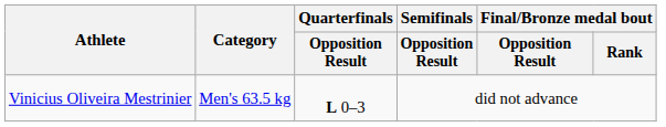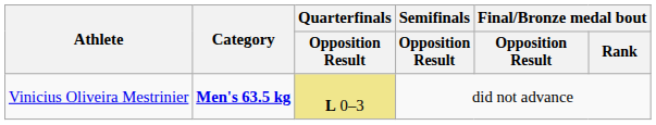 <table class="wikitable" style="text-align:center; font-size:90%">
 <tr>
 <th rowspan=2>Athlete</th>
 <th rowspan=2>Category</th>
 <th>Quarterfinals</th>
 <th>Semifinals</th>
 <th colspan=2>Final/Bronze medal bout</th>
 </tr>
 <tr style="font-size:95%">
 <th>Opposition<br>Result</th>
 <th>Opposition<br>Result</th>
 <th>Opposition<br>Result</th>
 <th>Rank</th>
 </tr>
 <tr>
 <td align=left><a href='#'>Vinicius Oliveira Mestrinier</a></td>
-<td align=left><a href='#'>Men's 63.5 kg</a></td>
-<td><br> <strong>L</strong> 0–3</td>
+<td align=left><strong><a href='#'>Men's 63.5 kg</a></strong></td>
+<td style="background: khaki;"><br> <strong>L</strong> 0–3</td>
 <td colspan=3>did not advance</td>
 </tr>
 </table>
